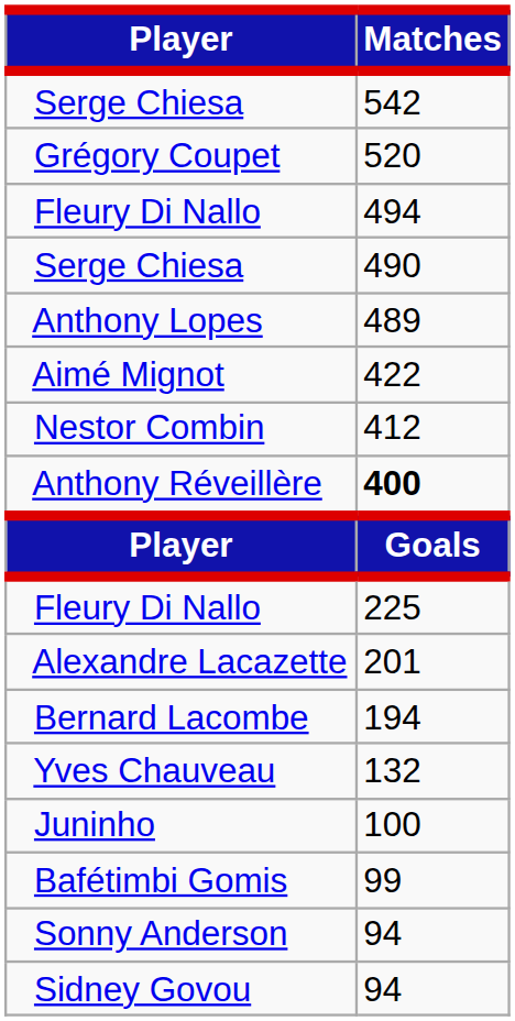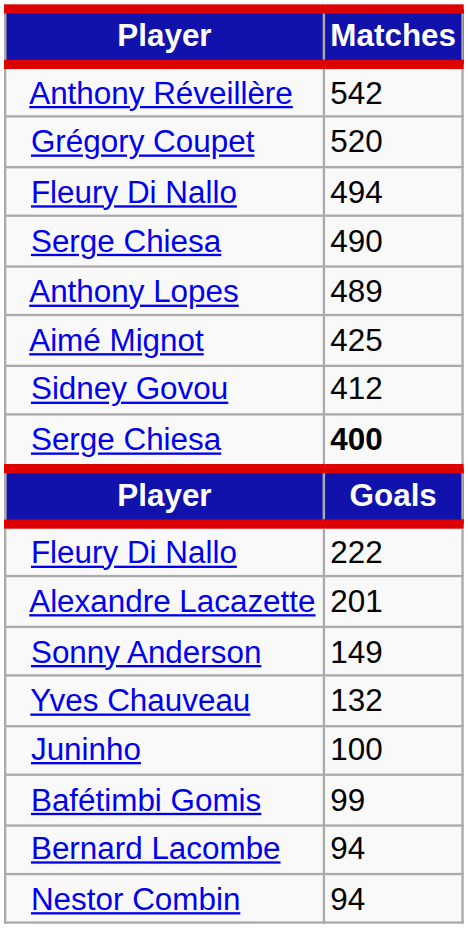 <table class="wikitable sortable" style="float:right; font-size:85%;" cellspacing="4">
 <tr style="background:dimGrey;">
 <th style="background:#1112AB; color:#fff; border-top:#d00 4px solid; border-bottom:#d00 4px solid;"><strong>Player</strong></th>
 <th style="background:#1112AB; color:#fff; border-top:#d00 4px solid; border-bottom:#d00 4px solid;"><strong>Matches</strong></th>
 </tr>
 <tr>
-<td style="text-align:left;">  <a href='#'>Serge Chiesa</a></td>
+<td style="text-align:left;">  <a href='#'>Anthony Réveillère</a></td>
 <td>542</td>
 </tr>
 <tr>
 <td style="text-align:left;">  <a href='#'>Grégory Coupet</a></td>
 <td>520</td>
 </tr>
 <tr>
 <td style="text-align:left;">  <a href='#'>Fleury Di Nallo</a></td>
 <td>494</td>
 </tr>
 <tr>
 <td style="text-align:left;">  <a href='#'>Serge Chiesa</a></td>
 <td>490</td>
 </tr>
 <tr>
 <td style="text-align:left;">  <a href='#'>Anthony Lopes</a></td>
 <td>489</td>
 </tr>
 <tr>
 <td style="text-align:left;">  <a href='#'>Aimé Mignot</a></td>
-<td>422</td>
+<td>425</td>
 </tr>
 <tr>
-<td style="text-align:left;">  <a href='#'>Nestor Combin</a></td>
+<td style="text-align:left;">  <a href='#'>Sidney Govou</a></td>
 <td>412</td>
 </tr>
 <tr>
-<td style="text-align:left;">  <a href='#'>Anthony Réveillère</a></td>
+<td style="text-align:left;">  <a href='#'>Serge Chiesa</a></td>
 <td><strong>400</strong></td>
 </tr>
 <tr>
 <th style="background:#1112AB; color:#fff; border-top:#d00 4px solid; border-bottom:#d00 4px solid;"><strong>Player</strong></th>
 <th style="background:#1112AB; color:#fff; border-top:#d00 4px solid; border-bottom:#d00 4px solid;"> <strong>Goals</strong> </th>
 </tr>
 <tr>
 <td style="text-align:left;">  <a href='#'>Fleury Di Nallo</a></td>
-<td>225</td>
+<td>222</td>
 </tr>
 <tr>
 <td style="text-align:left;">  <a href='#'>Alexandre Lacazette</a></td>
 <td>201</td>
 </tr>
 <tr>
-<td style="text-align:left;">  <a href='#'>Bernard Lacombe</a> </td>
-<td>194</td>
+<td style="text-align:left;">  <a href='#'>Sonny Anderson</a></td>
+<td>149</td>
 </tr>
 <tr>
 <td style="text-align:left;">  <a href='#'>Yves Chauveau</a></td>
 <td>132</td>
 </tr>
 <tr>
 <td style="text-align:left;">  <a href='#'>Juninho</a></td>
 <td>100</td>
 </tr>
 <tr>
 <td style="text-align:left;">  <a href='#'>Bafétimbi Gomis</a></td>
 <td>99</td>
 </tr>
 <tr>
-<td style="text-align:left;">  <a href='#'>Sonny Anderson</a></td>
+<td style="text-align:left;">  <a href='#'>Bernard Lacombe</a> </td>
 <td>94</td>
 </tr>
 <tr>
-<td style="text-align:left;">  <a href='#'>Sidney Govou</a></td>
+<td style="text-align:left;">  <a href='#'>Nestor Combin</a></td>
 <td>94</td>
 </tr>
 </table>
